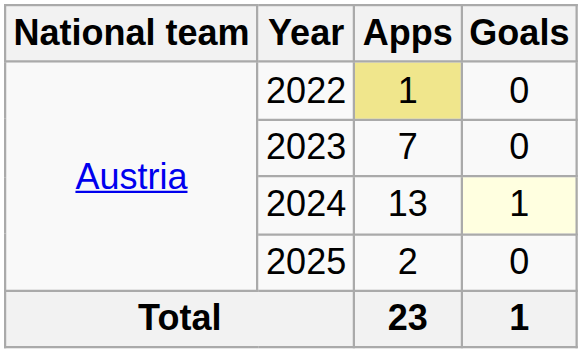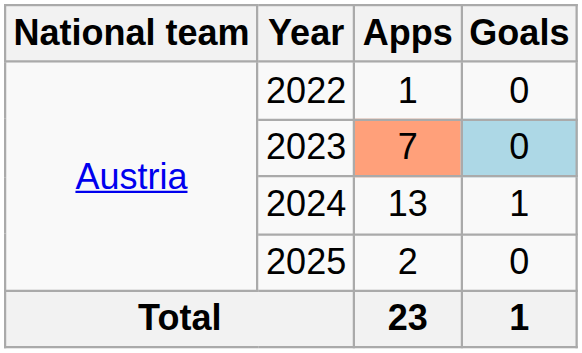 <table class="wikitable" style="text-align:center">
 <tr>
 <th>National team</th>
 <th>Year</th>
 <th>Apps</th>
 <th>Goals</th>
 </tr>
 <tr>
 <td rowspan="4"><a href='#'>Austria</a></td>
 <td>2022</td>
-<td style="background: khaki;">1</td>
+<td>1</td>
 <td>0</td>
 </tr>
 <tr>
 <td>2023</td>
-<td>7</td>
-<td>0</td>
+<td style="background: lightsalmon;">7</td>
+<td style="background: lightblue;">0</td>
 </tr>
 <tr>
 <td>2024</td>
 <td>13</td>
-<td style="background: lightyellow;">1</td>
+<td>1</td>
 </tr>
 <tr>
 <td>2025</td>
 <td>2</td>
 <td>0</td>
 </tr>
 <tr>
 <th colspan="2">Total</th>
 <th>23</th>
 <th>1</th>
 </tr>
 </table>
